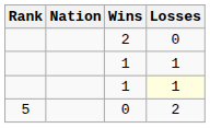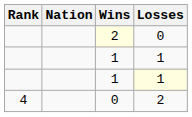 <table class="wikitable" style="text-align:center">
 <tr>
 <th>Rank</th>
 <th>Nation</th>
 <th>Wins</th>
 <th>Losses</th>
 </tr>
 <tr>
 <td></td>
 <td align=left></td>
-<td>2</td>
+<td style="background: lightyellow;">2</td>
 <td>0</td>
 </tr>
 <tr>
 <td></td>
 <td align=left></td>
 <td>1</td>
 <td>1</td>
 </tr>
 <tr>
 <td></td>
 <td align=left></td>
 <td>1</td>
 <td style="background: lightyellow;">1</td>
 </tr>
 <tr>
-<td>5</td>
+<td>4</td>
 <td align=left></td>
 <td>0</td>
 <td>2</td>
 </tr>
 </table>
